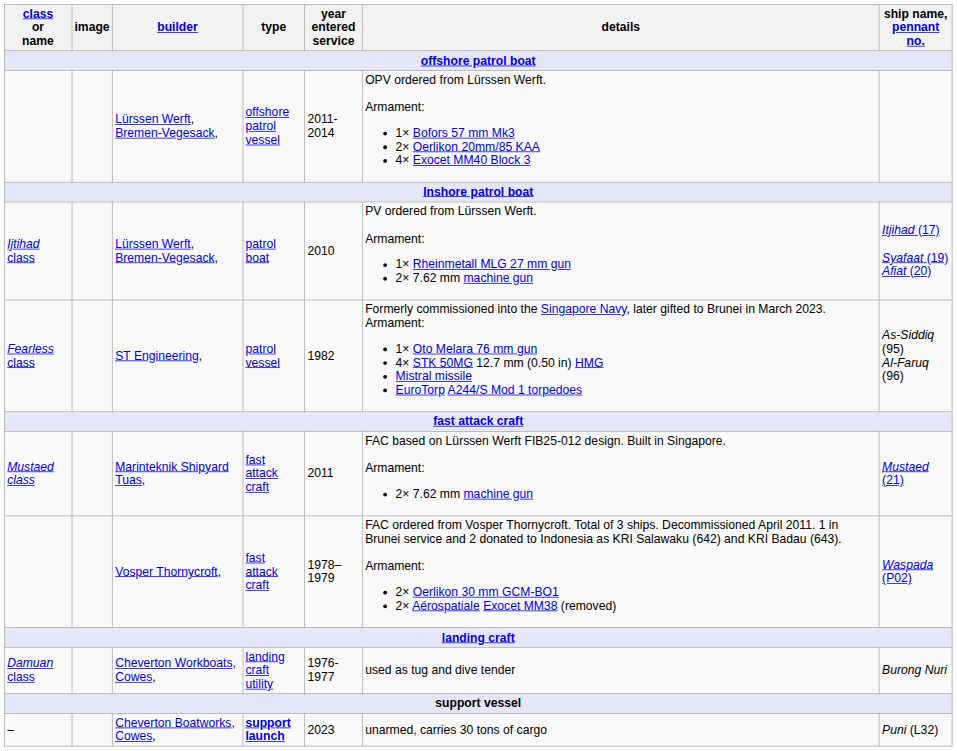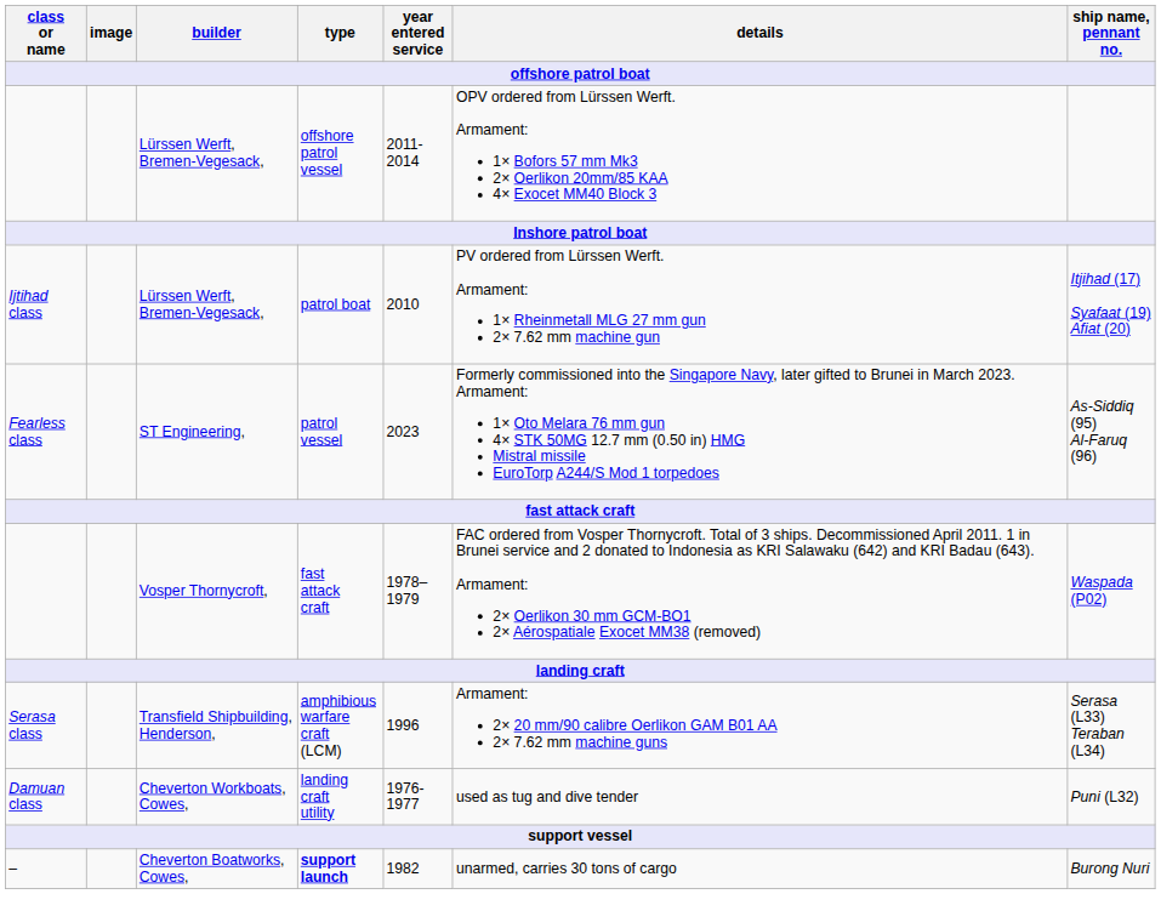 <table class="wikitable sortable" style=valign:top>
 <tr>
 <th><a href='#'>class</a><br>or<br>name</th>
 <th>image</th>
 <th><a href='#'>builder</a></th>
 <th>type</th>
 <th>year<br>entered<br>service</th>
 <th>details</th>
 <th>ship name,<br><a href='#'>pennant<br>no.</a></th>
 </tr>
 <tr>
 <th colspan=7 style=background:lavender><a href='#'>offshore patrol boat</a></th>
 </tr>
 <tr>
 <td></td>
 <td></td>
 <td><a href='#'>Lürssen Werft</a>, <a href='#'>Bremen-Vegesack</a>, </td>
 <td><a href='#'>offshore<br>patrol<br>vessel</a></td>
 <td>2011-2014</td>
 <td> OPV ordered from Lürssen Werft.<br><br>Armament:<ul><li>1× <a href='#'>Bofors 57 mm Mk3</a></li><li>2× <a href='#'>Oerlikon 20mm/85 KAA</a></li><li>4× <a href='#'>Exocet MM40 Block 3</a></li></ul></td>
 <td><br><br><br></td>
 </tr>
 <tr>
 <th colspan=7 style=background:lavender><a href='#'>Inshore patrol boat</a></th>
 </tr>
 <tr>
 <td><a href='#'><em>Ijtihad</em> class</a></td>
 <td></td>
 <td><a href='#'>Lürssen Werft</a>, <a href='#'>Bremen-Vegesack</a>, </td>
 <td><a href='#'>patrol boat</a></td>
 <td>2010</td>
 <td> PV ordered from Lürssen Werft.<br><br>Armament:<ul><li>1× <a href='#'>Rheinmetall MLG 27 mm gun</a></li><li>2× 7.62 mm <a href='#'>machine gun</a></li></ul></td>
 <td><a href='#'><em>Itjihad</em> (17)</a><br><br><a href='#'><em>Syafaat</em> (19)</a><br><a href='#'><em>Afiat</em> (20)</a></td>
 </tr>
 <tr>
 <td><a href='#'><em>Fearless</em> class</a></td>
 <td></td>
 <td><a href='#'>ST Engineering</a>, </td>
 <td><a href='#'>patrol vessel</a></td>
-<td>1982</td>
+<td>2023</td>
 <td>Formerly commissioned into the <a href='#'>Singapore Navy</a>, later gifted to Brunei in March 2023.<br>Armament:<ul><li>1× <a href='#'>Oto Melara 76 mm gun</a></li><li>4× <a href='#'>STK 50MG</a> 12.7 mm (0.50 in) <a href='#'>HMG</a></li><li><a href='#'>Mistral missile</a></li><li><a href='#'>EuroTorp</a> <a href='#'>A244/S Mod 1 torpedoes</a></li></ul></td>
 <td><em>As-Siddiq</em> (95)<br><em>Al-Faruq</em> (96)</td>
 </tr>
 <tr>
 <th colspan=7 style=background:lavender><a href='#'>fast attack craft</a></th>
-</tr>
-<tr>
-<td><em><a href='#'>Mustaed class</a></em></td>
-<td></td>
-<td><a href='#'>Marinteknik Shipyard</a> <a href='#'>Tuas</a>, </td>
-<td><a href='#'>fast<br>attack<br>craft</a></td>
-<td>2011</td>
-<td> FAC based on Lürssen Werft FIB25-012 design.  Built in Singapore.<br><br>Armament:<ul><li>2× 7.62 mm <a href='#'>machine gun</a></li></ul></td>
-<td><a href='#'><em>Mustaed</em> (21)</a></td>
 </tr>
 <tr>
 <td></td>
 <td></td>
 <td><a href='#'>Vosper Thornycroft</a>, </td>
 <td><a href='#'>fast<br>attack<br>craft</a></td>
 <td>1978–1979</td>
 <td> FAC ordered from Vosper Thornycroft.  Total of 3 ships.  Decommissioned April 2011.  1 in Brunei service and 2 donated to Indonesia as KRI Salawaku (642) and KRI Badau (643).<br><br>Armament:<ul><li>2× <a href='#'>Oerlikon 30 mm GCM-BO1</a></li><li>2× <a href='#'>Aérospatiale</a> <a href='#'>Exocet MM38</a> (removed)</li></ul></td>
 <td><a href='#'><em>Waspada</em> (P02)</a></td>
 </tr>
 <tr>
 <th colspan=7 style=background:lavender><a href='#'>landing craft</a></th>
 </tr>
 <tr>
+<td><a href='#'><em>Serasa</em> class</a></td>
+<td></td>
+<td><a href='#'>Transfield Shipbuilding</a>, <a href='#'>Henderson</a>, </td>
+<td><a href='#'>amphibious<br>warfare<br>craft</a><br>(LCM)</td>
+<td>1996</td>
+<td>Armament:<br><ul><li>2× <a href='#'>20 mm/90 calibre Oerlikon GAM B01 AA</a></li><li>2× 7.62 mm <a href='#'>machine guns</a></li></ul></td>
+<td><em>Serasa</em> (L33)<br><em>Teraban</em> (L34)</td>
+</tr>
+<tr>
 <td><a href='#'><em>Damuan</em> class</a></td>
 <td></td>
 <td><a href='#'>Cheverton Workboats</a>, <a href='#'>Cowes</a>, </td>
 <td><a href='#'>landing<br>craft<br>utility</a></td>
 <td>1976-1977</td>
 <td>used as tug and dive tender</td>
-<td><em>Burong Nuri</em></td>
+<td><em>Puni</em> (L32)</td>
 </tr>
 <tr>
 <th colspan=7 style=background:lavender>support vessel</th>
 </tr>
 <tr>
 <td>–</td>
 <td></td>
 <td><a href='#'>Cheverton Boatworks</a>, <a href='#'>Cowes</a>, </td>
 <td><strong><a href='#'>support<br>launch</a></strong></td>
-<td>2023</td>
+<td>1982</td>
 <td>unarmed, carries 30 tons of cargo</td>
-<td><em>Puni</em> (L32)</td>
+<td><em>Burong Nuri</em></td>
 </tr>
 </table>
